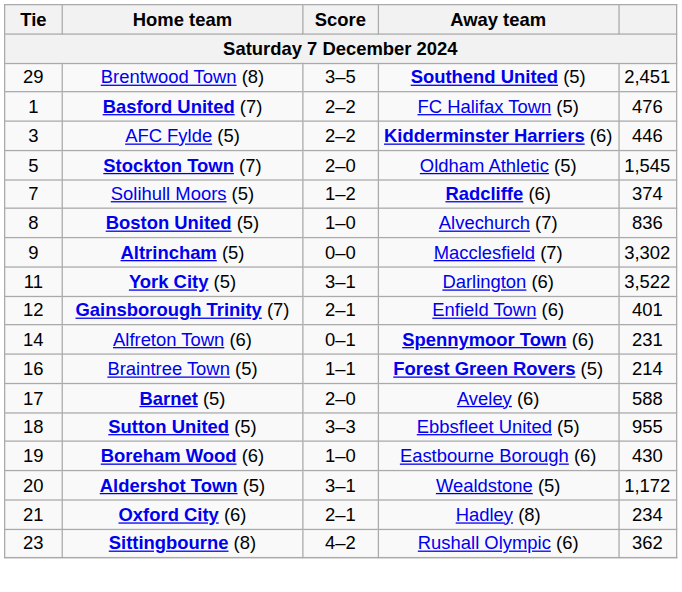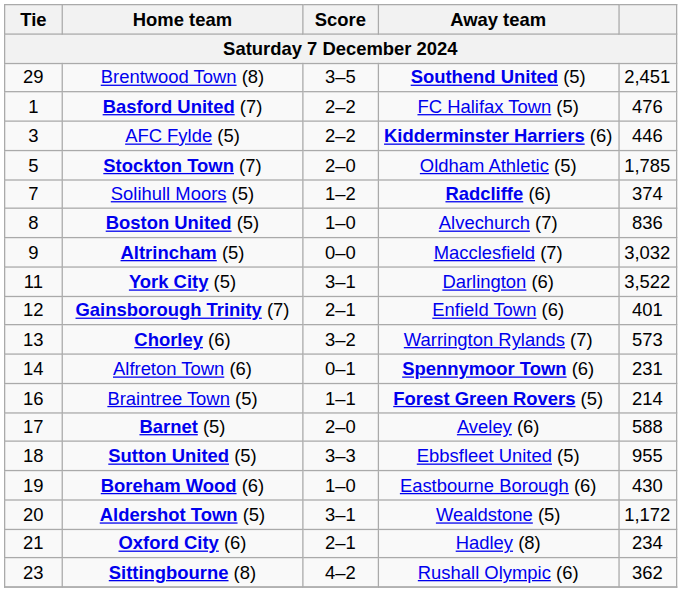 <table class="wikitable" style="text-align:center; font-size:90%">
 <tr>
 <th scope="col" style="width:  8.43%;">Tie</th>
 <th scope="col" style="width: 35.29%;">Home team</th>
 <th scope="col" style="width: 11.00%;">Score</th>
 <th scope="col" style="width: 35.29%;">Away team</th>
 <th scope="col" style="width:  8.43%;"></th>
 </tr>
 <tr>
 <th colspan="5"><strong>Saturday 7 December 2024</strong></th>
 </tr>
 <tr>
 <td>29</td>
 <td><a href='#'>Brentwood Town</a> (8)</td>
 <td>3–5</td>
 <td><strong><a href='#'>Southend United</a></strong> (5)</td>
 <td>2,451</td>
 </tr>
 <tr>
 <td>1</td>
 <td><strong><a href='#'>Basford United</a></strong> (7)</td>
 <td>2–2 </td>
 <td><a href='#'>FC Halifax Town</a> (5)</td>
 <td>476</td>
 </tr>
 <tr>
 <td>3</td>
 <td><a href='#'>AFC Fylde</a> (5)</td>
 <td>2–2 </td>
 <td><strong><a href='#'>Kidderminster Harriers</a></strong> (6)</td>
 <td>446</td>
 </tr>
 <tr>
 <td>5</td>
 <td><strong><a href='#'>Stockton Town</a></strong> (7)</td>
 <td>2–0</td>
 <td><a href='#'>Oldham Athletic</a> (5)</td>
-<td>1,545</td>
+<td>1,785</td>
 </tr>
 <tr>
 <td>7</td>
 <td><a href='#'>Solihull Moors</a> (5)</td>
 <td>1–2</td>
 <td><strong><a href='#'>Radcliffe</a></strong> (6)</td>
 <td>374</td>
 </tr>
 <tr>
 <td>8</td>
 <td><strong><a href='#'>Boston United</a></strong> (5)</td>
 <td>1–0</td>
 <td><a href='#'>Alvechurch</a> (7)</td>
 <td>836</td>
 </tr>
 <tr>
 <td>9</td>
 <td><strong><a href='#'>Altrincham</a></strong> (5)</td>
 <td>0–0 </td>
 <td><a href='#'>Macclesfield</a> (7)</td>
-<td>3,302</td>
+<td>3,032</td>
 </tr>
 <tr>
 <td>11</td>
 <td><strong><a href='#'>York City</a></strong> (5)</td>
 <td>3–1</td>
 <td><a href='#'>Darlington</a> (6)</td>
 <td>3,522</td>
 </tr>
 <tr>
 <td>12</td>
 <td><strong><a href='#'>Gainsborough Trinity</a></strong> (7)</td>
 <td>2–1</td>
 <td><a href='#'>Enfield Town</a> (6)</td>
 <td>401</td>
+</tr>
+<tr>
+<td>13</td>
+<td><strong><a href='#'>Chorley</a></strong> (6)</td>
+<td>3–2</td>
+<td><a href='#'>Warrington Rylands</a> (7)</td>
+<td>573</td>
 </tr>
 <tr>
 <td>14</td>
 <td><a href='#'>Alfreton Town</a> (6)</td>
 <td>0–1</td>
 <td><strong><a href='#'>Spennymoor Town</a></strong> (6)</td>
 <td>231</td>
 </tr>
 <tr>
 <td>16</td>
 <td><a href='#'>Braintree Town</a> (5)</td>
 <td>1–1 </td>
 <td><strong><a href='#'>Forest Green Rovers</a></strong> (5)</td>
 <td>214</td>
 </tr>
 <tr>
 <td>17</td>
 <td><strong><a href='#'>Barnet</a></strong> (5)</td>
 <td>2–0</td>
 <td><a href='#'>Aveley</a> (6)</td>
 <td>588</td>
 </tr>
 <tr>
 <td>18</td>
 <td><strong><a href='#'>Sutton United</a></strong> (5)</td>
 <td>3–3 </td>
 <td><a href='#'>Ebbsfleet United</a> (5)</td>
 <td>955</td>
 </tr>
 <tr>
 <td>19</td>
 <td><strong><a href='#'>Boreham Wood</a></strong> (6)</td>
 <td>1–0</td>
 <td><a href='#'>Eastbourne Borough</a> (6)</td>
 <td>430</td>
 </tr>
 <tr>
 <td>20</td>
 <td><strong><a href='#'>Aldershot Town</a></strong> (5)</td>
 <td>3–1</td>
 <td><a href='#'>Wealdstone</a> (5)</td>
 <td>1,172</td>
 </tr>
 <tr>
 <td>21</td>
 <td><strong><a href='#'>Oxford City</a></strong> (6)</td>
 <td>2–1</td>
 <td><a href='#'>Hadley</a> (8)</td>
 <td>234</td>
 </tr>
 <tr>
 <td>23</td>
 <td><strong><a href='#'>Sittingbourne</a></strong> (8)</td>
 <td>4–2</td>
 <td><a href='#'>Rushall Olympic</a> (6)</td>
 <td>362</td>
 </tr>
 <tr>
 </tr>
 </table>
